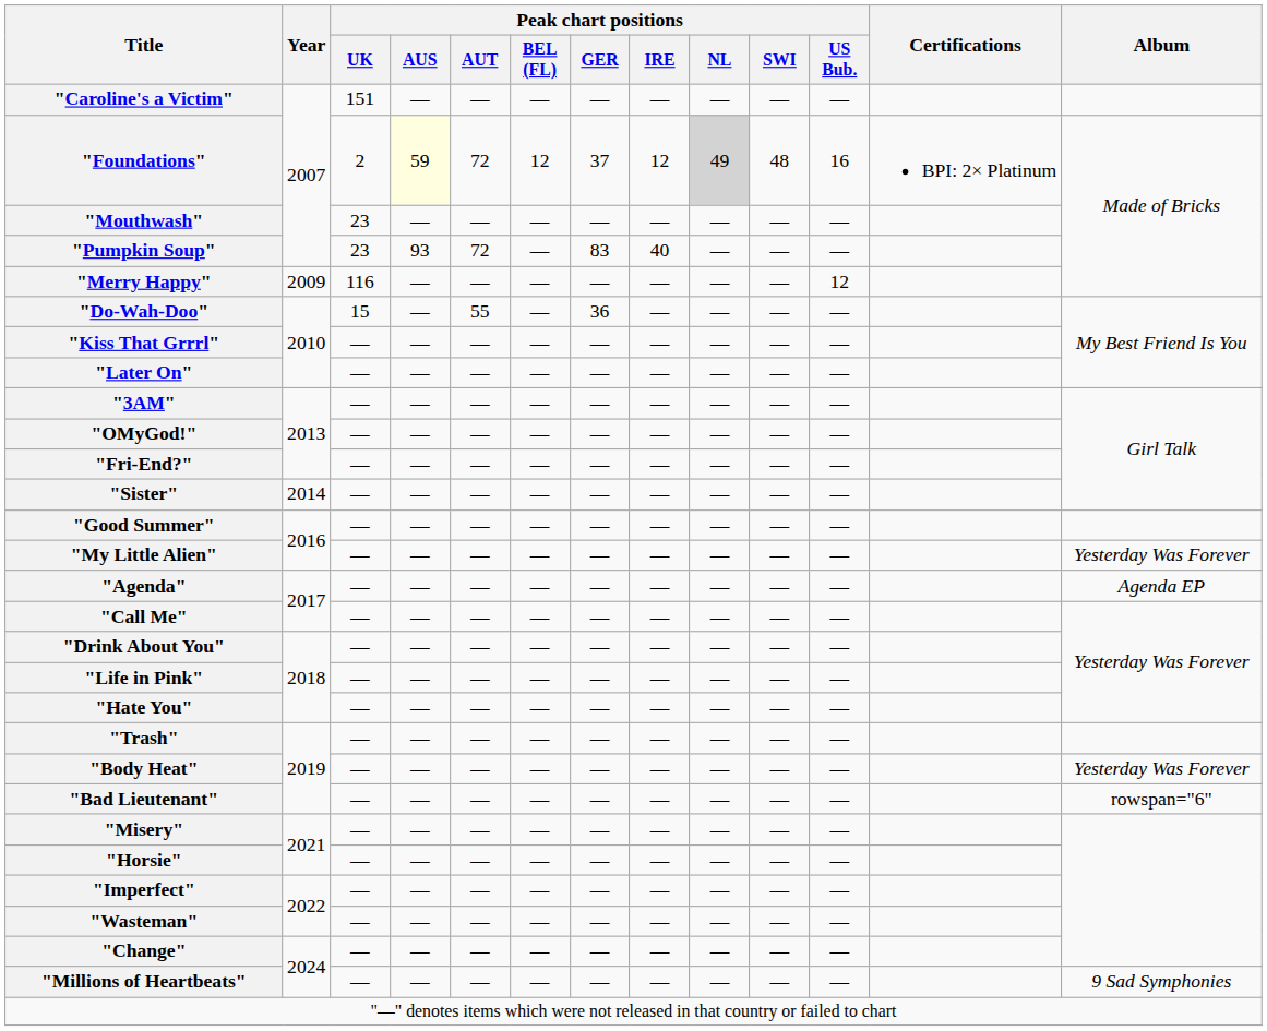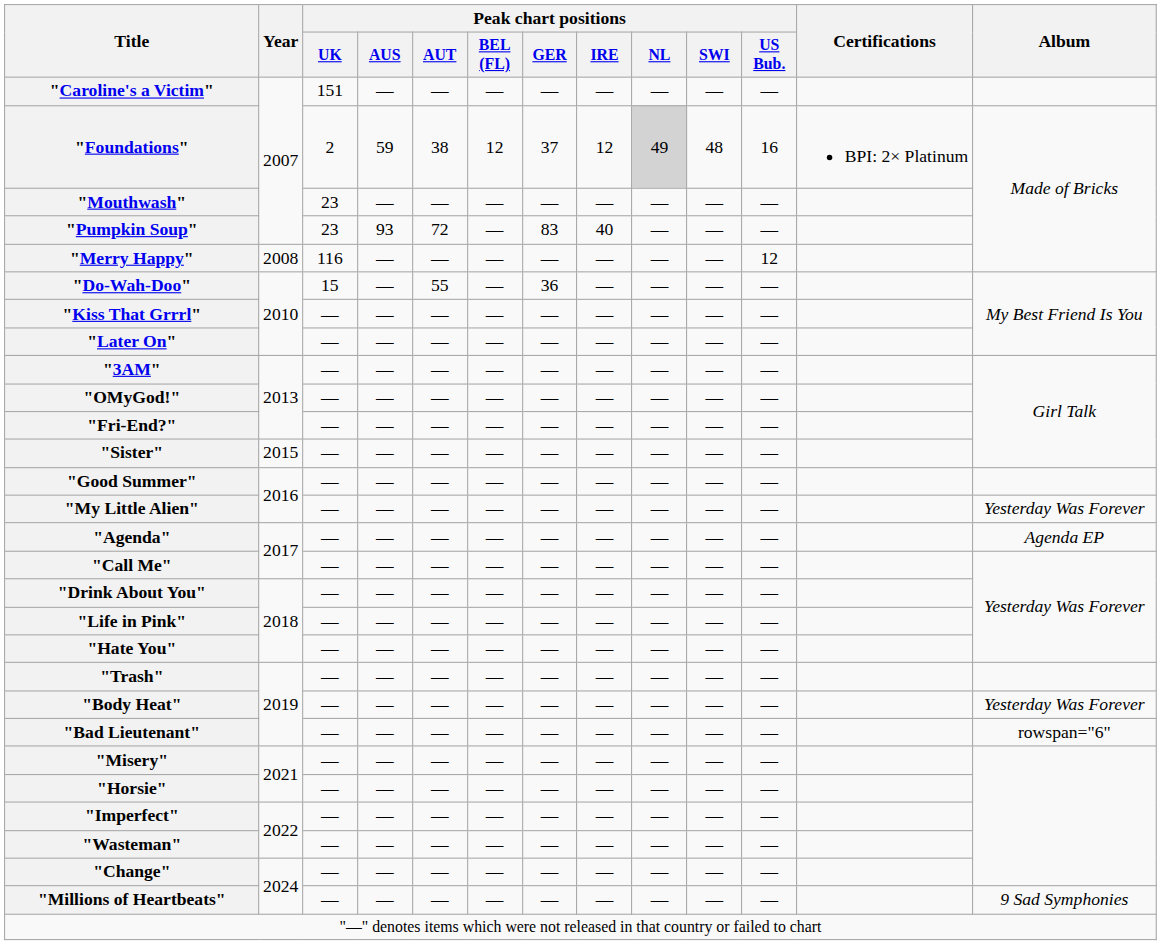 <table class="wikitable plainrowheaders" style="text-align:center;">
 <tr>
 <th scope="col" rowspan="2" style="width:14em;">Title</th>
 <th scope="col" rowspan="2">Year</th>
 <th scope="col" colspan="9">Peak chart positions</th>
 <th scope="col" rowspan="2">Certifications</th>
 <th scope="col" rowspan="2" style="width:10em;">Album</th>
 </tr>
 <tr>
 <th scope="col" style="width:3em;font-size:90%;"><a href='#'>UK</a><br></th>
 <th scope="col" style="width:3em;font-size:90%;"><a href='#'>AUS</a><br></th>
 <th scope="col" style="width:3em;font-size:90%;"><a href='#'>AUT</a><br></th>
 <th scope="col" style="width:3em;font-size:90%;"><a href='#'>BEL<br>(FL)</a><br></th>
 <th scope="col" style="width:3em;font-size:90%;"><a href='#'>GER</a><br></th>
 <th scope="col" style="width:3em;font-size:90%;"><a href='#'>IRE</a><br></th>
 <th scope="col" style="width:3em;font-size:90%;"><a href='#'>NL</a><br></th>
 <th scope="col" style="width:3em;font-size:90%;"><a href='#'>SWI</a><br></th>
 <th scope="col" style="width:3em;font-size:90%;"><a href='#'>US<br>Bub.</a></th>
 </tr>
 <tr>
 <th scope="row">"<a href='#'>Caroline's a Victim</a>"</th>
 <td rowspan="4">2007</td>
 <td>151</td>
 <td>—</td>
 <td>—</td>
 <td>—</td>
 <td>—</td>
 <td>—</td>
 <td>—</td>
 <td>—</td>
 <td>—</td>
 <td></td>
 <td></td>
 </tr>
 <tr>
 <th scope="row">"<a href='#'>Foundations</a>"</th>
 <td>2</td>
-<td style="background: lightyellow;">59</td>
-<td>72</td>
+<td>59</td>
+<td>38</td>
 <td>12</td>
 <td>37</td>
 <td>12</td>
 <td style="background: lightgrey;">49</td>
 <td>48</td>
 <td>16</td>
 <td><br><ul><li>BPI: 2× Platinum</li></ul></td>
 <td rowspan="4"><em>Made of Bricks</em></td>
 </tr>
 <tr>
 <th scope="row">"<a href='#'>Mouthwash</a>"</th>
 <td>23</td>
 <td>—</td>
 <td>—</td>
 <td>—</td>
 <td>—</td>
 <td>—</td>
 <td>—</td>
 <td>—</td>
 <td>—</td>
 <td></td>
 </tr>
 <tr>
 <th scope="row">"<a href='#'>Pumpkin Soup</a>"</th>
 <td>23</td>
 <td>93</td>
 <td>72</td>
 <td>—</td>
 <td>83</td>
 <td>40</td>
 <td>—</td>
 <td>—</td>
 <td>—</td>
 <td></td>
 </tr>
 <tr>
 <th scope="row">"<a href='#'>Merry Happy</a>"</th>
-<td>2009</td>
+<td>2008</td>
 <td>116</td>
 <td>—</td>
 <td>—</td>
 <td>—</td>
 <td>—</td>
 <td>—</td>
 <td>—</td>
 <td>—</td>
 <td>12</td>
 <td></td>
 </tr>
 <tr>
 <th scope="row">"<a href='#'>Do-Wah-Doo</a>"</th>
 <td rowspan="3">2010</td>
 <td>15</td>
 <td>—</td>
 <td>55</td>
 <td>—</td>
 <td>36</td>
 <td>—</td>
 <td>—</td>
 <td>—</td>
 <td>—</td>
 <td></td>
 <td rowspan="3"><em>My Best Friend Is You</em></td>
 </tr>
 <tr>
 <th scope="row">"<a href='#'>Kiss That Grrrl</a>"</th>
 <td>—</td>
 <td>—</td>
 <td>—</td>
 <td>—</td>
 <td>—</td>
 <td>—</td>
 <td>—</td>
 <td>—</td>
 <td>—</td>
 <td></td>
 </tr>
 <tr>
 <th scope="row">"<a href='#'>Later On</a>"</th>
 <td>—</td>
 <td>—</td>
 <td>—</td>
 <td>—</td>
 <td>—</td>
 <td>—</td>
 <td>—</td>
 <td>—</td>
 <td>—</td>
 <td></td>
 </tr>
 <tr>
 <th scope="row">"<a href='#'>3AM</a>"</th>
 <td rowspan="3">2013</td>
 <td>—</td>
 <td>—</td>
 <td>—</td>
 <td>—</td>
 <td>—</td>
 <td>—</td>
 <td>—</td>
 <td>—</td>
 <td>—</td>
 <td></td>
 <td rowspan="4"><em>Girl Talk</em></td>
 </tr>
 <tr>
 <th scope="row">"OMyGod!"</th>
 <td>—</td>
 <td>—</td>
 <td>—</td>
 <td>—</td>
 <td>—</td>
 <td>—</td>
 <td>—</td>
 <td>—</td>
 <td>—</td>
 <td></td>
 </tr>
 <tr>
 <th scope="row">"Fri-End?"</th>
 <td>—</td>
 <td>—</td>
 <td>—</td>
 <td>—</td>
 <td>—</td>
 <td>—</td>
 <td>—</td>
 <td>—</td>
 <td>—</td>
 <td></td>
 </tr>
 <tr>
 <th scope="row">"Sister"</th>
-<td>2014</td>
+<td>2015</td>
 <td>—</td>
 <td>—</td>
 <td>—</td>
 <td>—</td>
 <td>—</td>
 <td>—</td>
 <td>—</td>
 <td>—</td>
 <td>—</td>
 <td></td>
 </tr>
 <tr>
 <th scope="row">"Good Summer"</th>
 <td rowspan="2">2016</td>
 <td>—</td>
 <td>—</td>
 <td>—</td>
 <td>—</td>
 <td>—</td>
 <td>—</td>
 <td>—</td>
 <td>—</td>
 <td>—</td>
 <td></td>
 <td></td>
 </tr>
 <tr>
 <th scope="row">"My Little Alien"</th>
 <td>—</td>
 <td>—</td>
 <td>—</td>
 <td>—</td>
 <td>—</td>
 <td>—</td>
 <td>—</td>
 <td>—</td>
 <td>—</td>
 <td></td>
 <td><em>Yesterday Was Forever</em></td>
 </tr>
 <tr>
 <th scope="row">"Agenda"</th>
 <td rowspan="2">2017</td>
 <td>—</td>
 <td>—</td>
 <td>—</td>
 <td>—</td>
 <td>—</td>
 <td>—</td>
 <td>—</td>
 <td>—</td>
 <td>—</td>
 <td></td>
 <td><em>Agenda EP</em></td>
 </tr>
 <tr>
 <th scope="row">"Call Me"</th>
 <td>—</td>
 <td>—</td>
 <td>—</td>
 <td>—</td>
 <td>—</td>
 <td>—</td>
 <td>—</td>
 <td>—</td>
 <td>—</td>
 <td></td>
 <td rowspan=4><em>Yesterday Was Forever</em></td>
 </tr>
 <tr>
 <th scope="row">"Drink About You"</th>
 <td rowspan="3">2018</td>
 <td>—</td>
 <td>—</td>
 <td>—</td>
 <td>—</td>
 <td>—</td>
 <td>—</td>
 <td>—</td>
 <td>—</td>
 <td>—</td>
 <td></td>
 </tr>
 <tr>
 <th scope="row">"Life in Pink"</th>
 <td>—</td>
 <td>—</td>
 <td>—</td>
 <td>—</td>
 <td>—</td>
 <td>—</td>
 <td>—</td>
 <td>—</td>
 <td>—</td>
 <td></td>
 </tr>
 <tr>
 <th scope="row">"Hate You"</th>
 <td>—</td>
 <td>—</td>
 <td>—</td>
 <td>—</td>
 <td>—</td>
 <td>—</td>
 <td>—</td>
 <td>—</td>
 <td>—</td>
 <td></td>
 </tr>
 <tr>
 <th scope="row">"Trash"</th>
 <td rowspan=3>2019</td>
 <td>—</td>
 <td>—</td>
 <td>—</td>
 <td>—</td>
 <td>—</td>
 <td>—</td>
 <td>—</td>
 <td>—</td>
 <td>—</td>
 <td></td>
 <td></td>
 </tr>
 <tr>
 <th scope="row">"Body Heat"</th>
 <td>—</td>
 <td>—</td>
 <td>—</td>
 <td>—</td>
 <td>—</td>
 <td>—</td>
 <td>—</td>
 <td>—</td>
 <td>—</td>
 <td></td>
 <td><em>Yesterday Was Forever</em></td>
 </tr>
 <tr>
 <th scope="row">"Bad Lieutenant"</th>
 <td>—</td>
 <td>—</td>
 <td>—</td>
 <td>—</td>
 <td>—</td>
 <td>—</td>
 <td>—</td>
 <td>—</td>
 <td>—</td>
 <td></td>
 <td>rowspan="6" </td>
 </tr>
 <tr>
 <th scope="row">"Misery"</th>
 <td rowspan=2>2021</td>
 <td>—</td>
 <td>—</td>
 <td>—</td>
 <td>—</td>
 <td>—</td>
 <td>—</td>
 <td>—</td>
 <td>—</td>
 <td>—</td>
 <td></td>
 </tr>
 <tr>
 <th scope="row">"Horsie"</th>
 <td>—</td>
 <td>—</td>
 <td>—</td>
 <td>—</td>
 <td>—</td>
 <td>—</td>
 <td>—</td>
 <td>—</td>
 <td>—</td>
 <td></td>
 </tr>
 <tr>
 <th scope="row">"Imperfect"</th>
 <td rowspan=2>2022</td>
 <td>—</td>
 <td>—</td>
 <td>—</td>
 <td>—</td>
 <td>—</td>
 <td>—</td>
 <td>—</td>
 <td>—</td>
 <td>—</td>
 <td></td>
 </tr>
 <tr>
 <th scope="row">"Wasteman"</th>
 <td>—</td>
 <td>—</td>
 <td>—</td>
 <td>—</td>
 <td>—</td>
 <td>—</td>
 <td>—</td>
 <td>—</td>
 <td>—</td>
 <td></td>
 </tr>
 <tr>
 <th scope="row">"Change"</th>
 <td rowspan="2">2024</td>
 <td>—</td>
 <td>—</td>
 <td>—</td>
 <td>—</td>
 <td>—</td>
 <td>—</td>
 <td>—</td>
 <td>—</td>
 <td>—</td>
 <td></td>
 </tr>
 <tr>
 <th scope="row">"Millions of Heartbeats"</th>
 <td>—</td>
 <td>—</td>
 <td>—</td>
 <td>—</td>
 <td>—</td>
 <td>—</td>
 <td>—</td>
 <td>—</td>
 <td>—</td>
 <td></td>
 <td><em>9 Sad Symphonies</em></td>
 </tr>
 <tr>
 <td colspan="14" style="font-size:90%">"—" denotes items which were not released in that country or failed to chart</td>
 </tr>
 </table>
